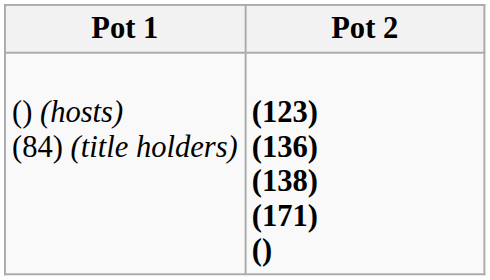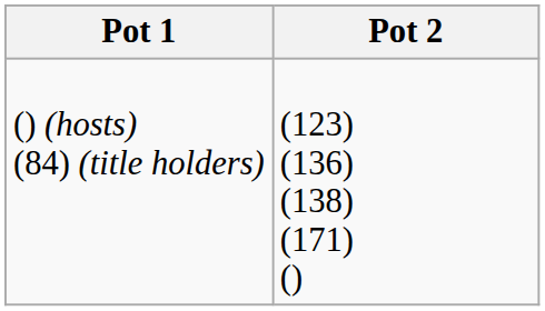 <table class="wikitable">
 <tr>
 <th width=50%>Pot 1</th>
 <th width=50%>Pot 2</th>
 </tr>
 <tr>
 <td valign=top><br> () <em>(hosts)</em><br>  (84) <em>(title holders)</em></td>
-<td valign=top><strong><br> (123)<br>  (136)<br>  (138)<br>  (171)<br>  ()</strong></td>
+<td valign=top><br> (123)<br>  (136)<br>  (138)<br>  (171)<br>  ()</td>
 </tr>
 </table>
